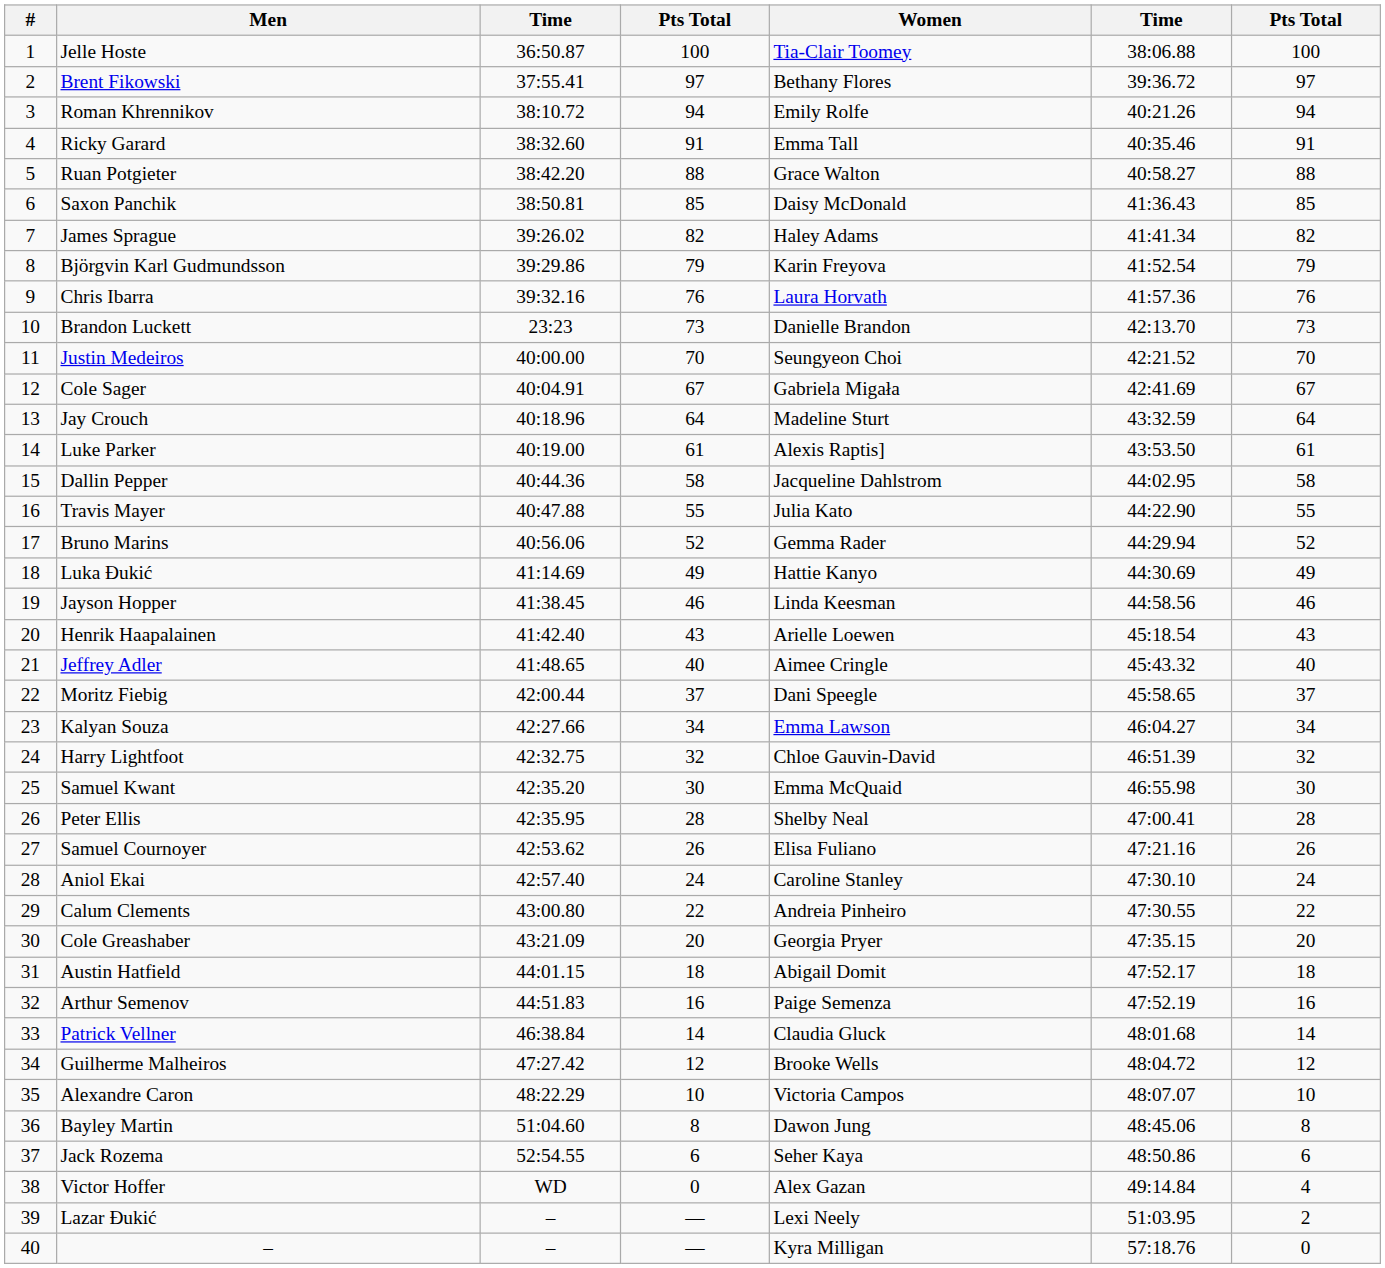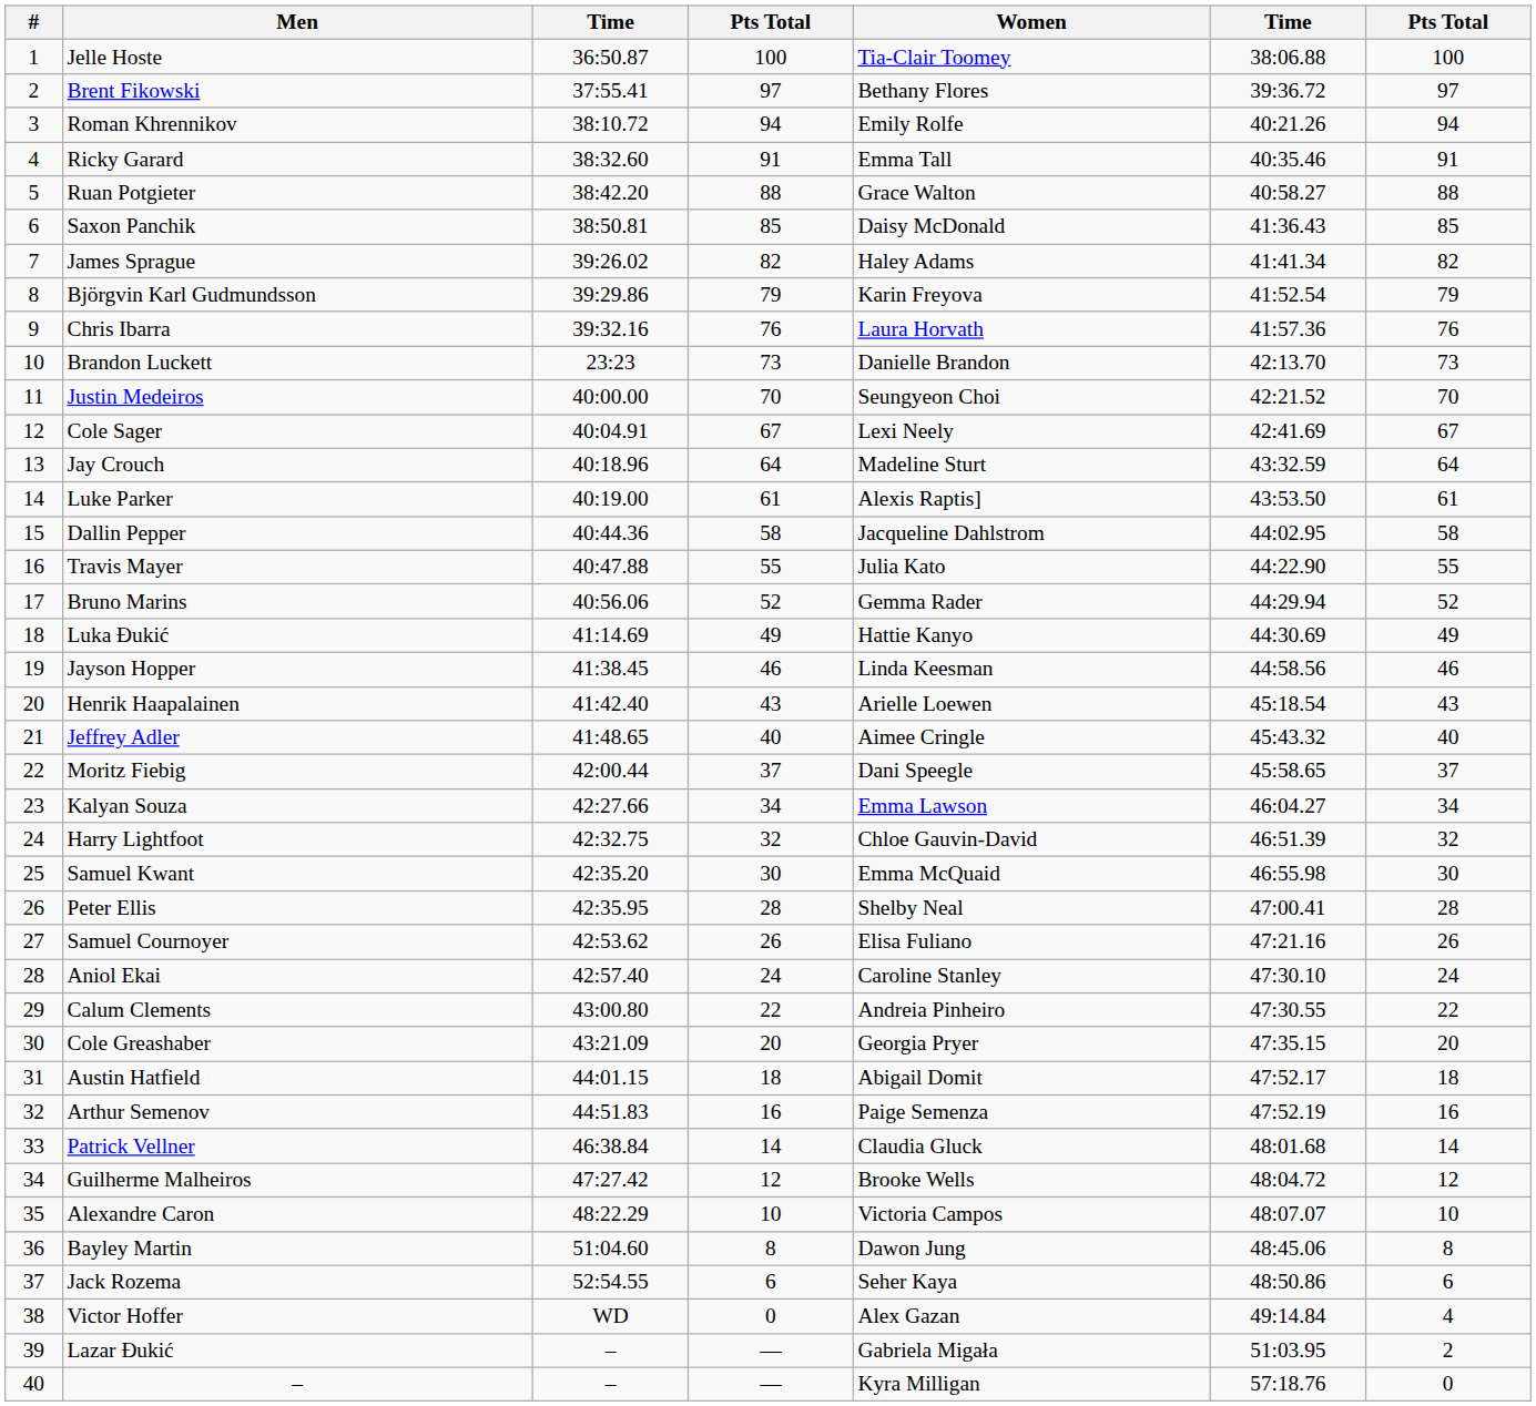 <table class="wikitable sortable" style="display: inline-table;width: 90%; text-align:center">
 <tr>
 <th>#</th>
 <th>Men</th>
 <th>Time</th>
 <th>Pts Total</th>
 <th>Women</th>
 <th>Time</th>
 <th>Pts Total</th>
 </tr>
 <tr>
 <td>1</td>
 <td align=left> Jelle Hoste</td>
 <td>36:50.87</td>
 <td>100</td>
 <td align=left> <a href='#'>Tia-Clair Toomey</a></td>
 <td>38:06.88</td>
 <td>100</td>
 </tr>
 <tr>
 <td>2</td>
 <td align=left> <a href='#'>Brent Fikowski</a></td>
 <td>37:55.41</td>
 <td>97</td>
 <td align=left> Bethany Flores</td>
 <td>39:36.72</td>
 <td>97</td>
 </tr>
 <tr>
 <td>3</td>
 <td align=left> Roman Khrennikov</td>
 <td>38:10.72</td>
 <td>94</td>
 <td align=left> Emily Rolfe</td>
 <td>40:21.26</td>
 <td>94</td>
 </tr>
 <tr>
 <td>4</td>
 <td align=left> Ricky Garard</td>
 <td>38:32.60</td>
 <td>91</td>
 <td align=left> Emma Tall</td>
 <td>40:35.46</td>
 <td>91</td>
 </tr>
 <tr>
 <td>5</td>
 <td align=left> Ruan Potgieter</td>
 <td>38:42.20</td>
 <td>88</td>
 <td align=left> Grace Walton</td>
 <td>40:58.27</td>
 <td>88</td>
 </tr>
 <tr>
 <td>6</td>
 <td align=left> Saxon Panchik</td>
 <td>38:50.81</td>
 <td>85</td>
 <td align=left> Daisy McDonald</td>
 <td>41:36.43</td>
 <td>85</td>
 </tr>
 <tr>
 <td>7</td>
 <td align=left> James Sprague</td>
 <td>39:26.02</td>
 <td>82</td>
 <td align=left> Haley Adams</td>
 <td>41:41.34</td>
 <td>82</td>
 </tr>
 <tr>
 <td>8</td>
 <td align=left> Björgvin Karl Gudmundsson</td>
 <td>39:29.86</td>
 <td>79</td>
 <td align=left> Karin Freyova</td>
 <td>41:52.54</td>
 <td>79</td>
 </tr>
 <tr>
 <td>9</td>
 <td align=left> Chris Ibarra</td>
 <td>39:32.16</td>
 <td>76</td>
 <td align=left> <a href='#'>Laura Horvath</a></td>
 <td>41:57.36</td>
 <td>76</td>
 </tr>
 <tr>
 <td>10</td>
 <td align=left> Brandon Luckett</td>
 <td>23:23</td>
 <td>73</td>
 <td align=left> Danielle Brandon</td>
 <td>42:13.70</td>
 <td>73</td>
 </tr>
 <tr>
 <td>11</td>
 <td align=left> <a href='#'>Justin Medeiros</a></td>
 <td>40:00.00</td>
 <td>70</td>
 <td align=left> Seungyeon Choi</td>
 <td>42:21.52</td>
 <td>70</td>
 </tr>
 <tr>
 <td>12</td>
 <td align=left> Cole Sager</td>
 <td>40:04.91</td>
 <td>67</td>
-<td align=left> Gabriela Migała</td>
+<td align=left> Lexi Neely</td>
 <td>42:41.69</td>
 <td>67</td>
 </tr>
 <tr>
 <td>13</td>
 <td align=left> Jay Crouch</td>
 <td>40:18.96</td>
 <td>64</td>
 <td align=left> Madeline Sturt</td>
 <td>43:32.59</td>
 <td>64</td>
 </tr>
 <tr>
 <td>14</td>
 <td align=left> Luke Parker</td>
 <td>40:19.00</td>
 <td>61</td>
 <td align=left> Alexis Raptis]</td>
 <td>43:53.50</td>
 <td>61</td>
 </tr>
 <tr>
 <td>15</td>
 <td align=left> Dallin Pepper</td>
 <td>40:44.36</td>
 <td>58</td>
 <td align=left> Jacqueline Dahlstrom</td>
 <td>44:02.95</td>
 <td>58</td>
 </tr>
 <tr>
 <td>16</td>
 <td align=left> Travis Mayer</td>
 <td>40:47.88</td>
 <td>55</td>
 <td align=left> Julia Kato</td>
 <td>44:22.90</td>
 <td>55</td>
 </tr>
 <tr>
 <td>17</td>
 <td align=left> Bruno Marins</td>
 <td>40:56.06</td>
 <td>52</td>
 <td align=left> Gemma Rader</td>
 <td>44:29.94</td>
 <td>52</td>
 </tr>
 <tr>
 <td>18</td>
 <td align=left> Luka Đukić</td>
 <td>41:14.69</td>
 <td>49</td>
 <td align=left> Hattie Kanyo</td>
 <td>44:30.69</td>
 <td>49</td>
 </tr>
 <tr>
 <td>19</td>
 <td align=left> Jayson Hopper</td>
 <td>41:38.45</td>
 <td>46</td>
 <td align=left> Linda Keesman</td>
 <td>44:58.56</td>
 <td>46</td>
 </tr>
 <tr>
 <td>20</td>
 <td align=left> Henrik Haapalainen</td>
 <td>41:42.40</td>
 <td>43</td>
 <td align=left> Arielle Loewen</td>
 <td>45:18.54</td>
 <td>43</td>
 </tr>
 <tr>
 <td>21</td>
 <td align=left> <a href='#'>Jeffrey Adler</a></td>
 <td>41:48.65</td>
 <td>40</td>
 <td align=left> Aimee Cringle</td>
 <td>45:43.32</td>
 <td>40</td>
 </tr>
 <tr>
 <td>22</td>
 <td align=left> Moritz Fiebig</td>
 <td>42:00.44</td>
 <td>37</td>
 <td align=left> Dani Speegle</td>
 <td>45:58.65</td>
 <td>37</td>
 </tr>
 <tr>
 <td>23</td>
 <td align=left> Kalyan Souza</td>
 <td>42:27.66</td>
 <td>34</td>
 <td align=left> <a href='#'>Emma Lawson</a></td>
 <td>46:04.27</td>
 <td>34</td>
 </tr>
 <tr>
 <td>24</td>
 <td align=left> Harry Lightfoot</td>
 <td>42:32.75</td>
 <td>32</td>
 <td align=left> Chloe Gauvin-David</td>
 <td>46:51.39</td>
 <td>32</td>
 </tr>
 <tr>
 <td>25</td>
 <td align=left> Samuel Kwant</td>
 <td>42:35.20</td>
 <td>30</td>
 <td align=left> Emma McQuaid</td>
 <td>46:55.98</td>
 <td>30</td>
 </tr>
 <tr>
 <td>26</td>
 <td align=left> Peter Ellis</td>
 <td>42:35.95</td>
 <td>28</td>
 <td align=left> Shelby Neal</td>
 <td>47:00.41</td>
 <td>28</td>
 </tr>
 <tr>
 <td>27</td>
 <td align=left> Samuel Cournoyer</td>
 <td>42:53.62</td>
 <td>26</td>
 <td align=left> Elisa Fuliano</td>
 <td>47:21.16</td>
 <td>26</td>
 </tr>
 <tr>
 <td>28</td>
 <td align=left> Aniol Ekai</td>
 <td>42:57.40</td>
 <td>24</td>
 <td align=left> Caroline Stanley</td>
 <td>47:30.10</td>
 <td>24</td>
 </tr>
 <tr>
 <td>29</td>
 <td align=left> Calum Clements</td>
 <td>43:00.80</td>
 <td>22</td>
 <td align=left> Andreia Pinheiro</td>
 <td>47:30.55</td>
 <td>22</td>
 </tr>
 <tr>
 <td>30</td>
 <td align=left> Cole Greashaber</td>
 <td>43:21.09</td>
 <td>20</td>
 <td align=left> Georgia Pryer</td>
 <td>47:35.15</td>
 <td>20</td>
 </tr>
 <tr>
 <td>31</td>
 <td align=left> Austin Hatfield</td>
 <td>44:01.15</td>
 <td>18</td>
 <td align=left> Abigail Domit</td>
 <td>47:52.17</td>
 <td>18</td>
 </tr>
 <tr>
 <td>32</td>
 <td align=left> Arthur Semenov</td>
 <td>44:51.83</td>
 <td>16</td>
 <td align=left> Paige Semenza</td>
 <td>47:52.19</td>
 <td>16</td>
 </tr>
 <tr>
 <td>33</td>
 <td align=left> <a href='#'>Patrick Vellner</a></td>
 <td>46:38.84</td>
 <td>14</td>
 <td align=left> Claudia Gluck</td>
 <td>48:01.68</td>
 <td>14</td>
 </tr>
 <tr>
 <td>34</td>
 <td align=left> Guilherme Malheiros</td>
 <td>47:27.42</td>
 <td>12</td>
 <td align=left> Brooke Wells</td>
 <td>48:04.72</td>
 <td>12</td>
 </tr>
 <tr>
 <td>35</td>
 <td align=left> Alexandre Caron</td>
 <td>48:22.29</td>
 <td>10</td>
 <td align=left> Victoria Campos</td>
 <td>48:07.07</td>
 <td>10</td>
 </tr>
 <tr>
 <td>36</td>
 <td align=left> Bayley Martin</td>
 <td>51:04.60</td>
 <td>8</td>
 <td align=left> Dawon Jung</td>
 <td>48:45.06</td>
 <td>8</td>
 </tr>
 <tr>
 <td>37</td>
 <td align=left> Jack Rozema</td>
 <td>52:54.55</td>
 <td>6</td>
 <td align=left> Seher Kaya</td>
 <td>48:50.86</td>
 <td>6</td>
 </tr>
 <tr>
 <td>38</td>
 <td align=left> Victor Hoffer</td>
 <td>WD</td>
 <td>0</td>
 <td align=left> Alex Gazan</td>
 <td>49:14.84</td>
 <td>4</td>
 </tr>
 <tr>
 <td>39</td>
 <td align=left> Lazar Đukić</td>
 <td>–</td>
 <td>—</td>
-<td align=left> Lexi Neely</td>
+<td align=left> Gabriela Migała</td>
 <td>51:03.95</td>
 <td>2</td>
 </tr>
 <tr>
 <td>40</td>
 <td>–</td>
 <td>–</td>
 <td>—</td>
 <td align=left> Kyra Milligan</td>
 <td>57:18.76</td>
 <td>0</td>
 </tr>
 </table>
